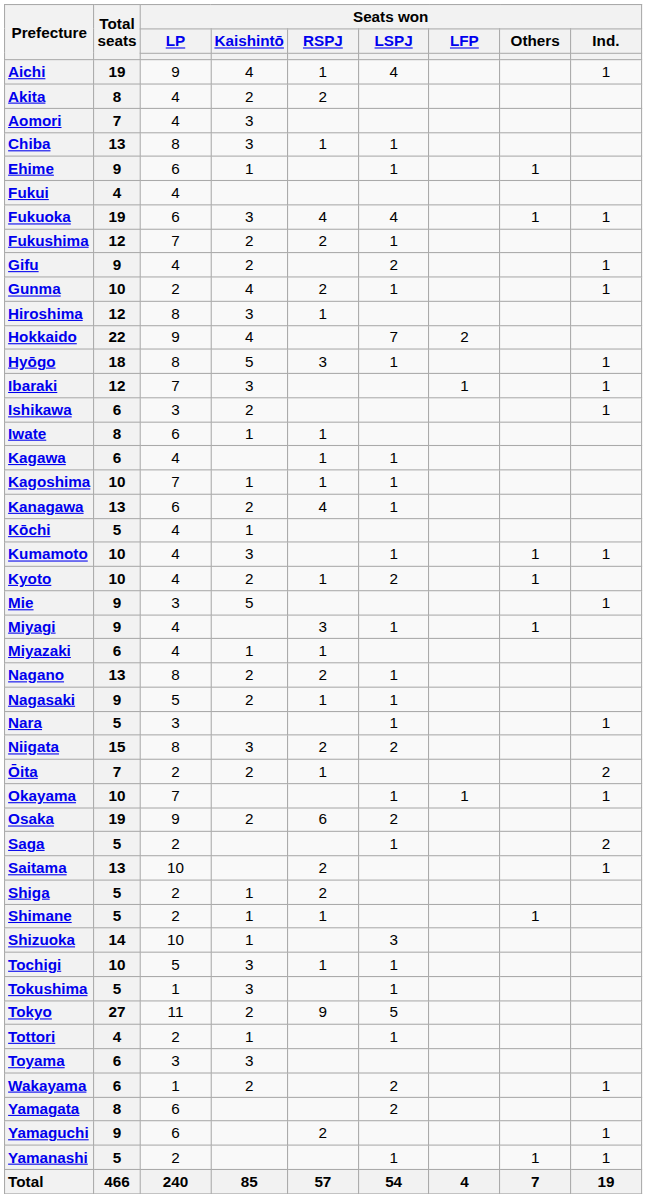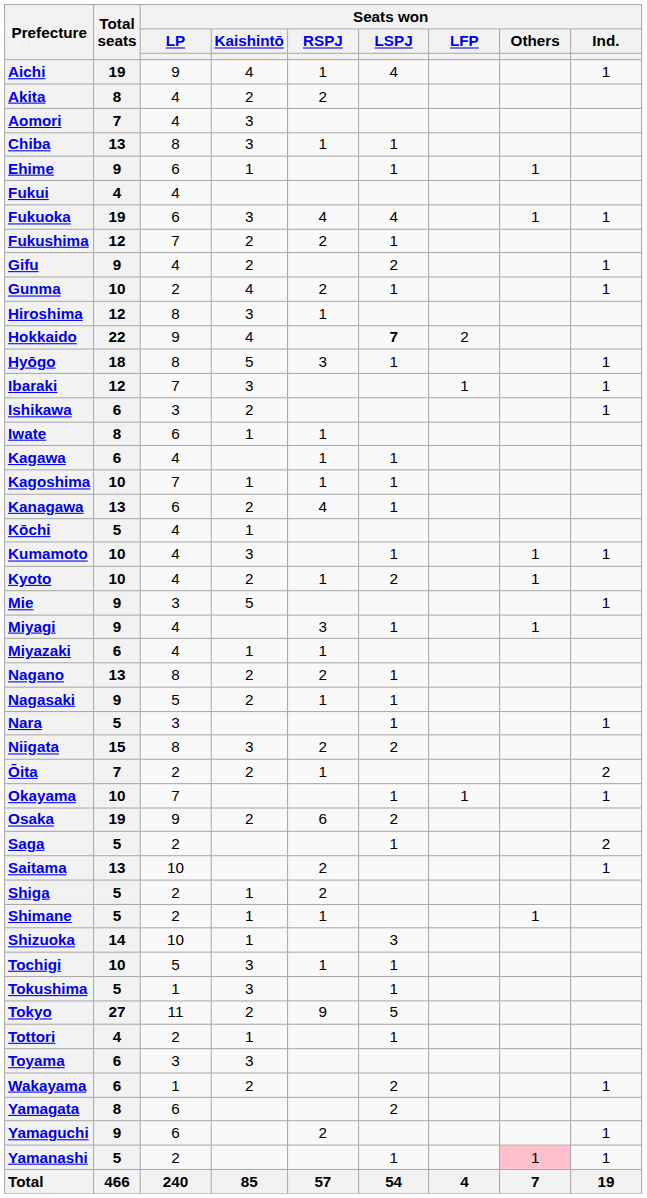 <table class="wikitable" style="text-align:center; font-size: 0.9em;">
 <tr>
 <th rowspan="3">Prefecture</th>
 <th rowspan="3">Total<br>seats</th>
 <th colspan="7">Seats won</th>
 </tr>
 <tr>
 <th class="unsortable" style="width:60px;"><a href='#'>LP</a></th>
 <th class="unsortable" style="width:60px;"><a href='#'>Kaishintō</a></th>
 <th class="unsortable" style="width:60px;"><a href='#'>RSPJ</a></th>
 <th class="unsortable" style="width:60px;"><a href='#'>LSPJ</a></th>
 <th class="unsortable" style="width:60px;"><a href='#'>LFP</a></th>
 <th class="unsortable" style="width:60px;">Others</th>
 <th class="unsortable" style="width:60px;">Ind.</th>
 </tr>
 <tr>
 <th style="background:"></th>
 <th style="background:"></th>
 <th style="background:"></th>
 <th style="background:"></th>
 <th style="background:"></th>
 <th></th>
 <th style="background:"></th>
 </tr>
 <tr>
 <th style="text-align: left;"><a href='#'>Aichi</a></th>
 <th>19</th>
 <td>9</td>
 <td>4</td>
 <td>1</td>
 <td>4</td>
 <td></td>
 <td></td>
 <td>1</td>
 </tr>
 <tr>
 <th style="text-align: left;"><a href='#'>Akita</a></th>
 <th>8</th>
 <td>4</td>
 <td>2</td>
 <td>2</td>
 <td></td>
 <td></td>
 <td></td>
 <td></td>
 </tr>
 <tr>
 <th style="text-align: left;"><a href='#'>Aomori</a></th>
 <th>7</th>
 <td>4</td>
 <td>3</td>
 <td></td>
 <td></td>
 <td></td>
 <td></td>
 <td></td>
 </tr>
 <tr>
 <th style="text-align: left;"><a href='#'>Chiba</a></th>
 <th>13</th>
 <td>8</td>
 <td>3</td>
 <td>1</td>
 <td>1</td>
 <td></td>
 <td></td>
 <td></td>
 </tr>
 <tr>
 <th style="text-align: left;"><a href='#'>Ehime</a></th>
 <th>9</th>
 <td>6</td>
 <td>1</td>
 <td></td>
 <td>1</td>
 <td></td>
 <td>1</td>
 <td></td>
 </tr>
 <tr>
 <th style="text-align: left;"><a href='#'>Fukui</a></th>
 <th>4</th>
 <td>4</td>
 <td></td>
 <td></td>
 <td></td>
 <td></td>
 <td></td>
 <td></td>
 </tr>
 <tr>
 <th style="text-align: left;"><a href='#'>Fukuoka</a></th>
 <th>19</th>
 <td>6</td>
 <td>3</td>
 <td>4</td>
 <td>4</td>
 <td></td>
 <td>1</td>
 <td>1</td>
 </tr>
 <tr>
 <th style="text-align: left;"><a href='#'>Fukushima</a></th>
 <th>12</th>
 <td>7</td>
 <td>2</td>
 <td>2</td>
 <td>1</td>
 <td></td>
 <td></td>
 <td></td>
 </tr>
 <tr>
 <th style="text-align: left;"><a href='#'>Gifu</a></th>
 <th>9</th>
 <td>4</td>
 <td>2</td>
 <td></td>
 <td>2</td>
 <td></td>
 <td></td>
 <td>1</td>
 </tr>
 <tr>
 <th style="text-align: left;"><a href='#'>Gunma</a></th>
 <th>10</th>
 <td>2</td>
 <td>4</td>
 <td>2</td>
 <td>1</td>
 <td></td>
 <td></td>
 <td>1</td>
 </tr>
 <tr>
 <th style="text-align: left;"><a href='#'>Hiroshima</a></th>
 <th>12</th>
 <td>8</td>
 <td>3</td>
 <td>1</td>
 <td></td>
 <td></td>
 <td></td>
 <td></td>
 </tr>
 <tr>
 <th style="text-align: left;"><a href='#'>Hokkaido</a></th>
 <th>22</th>
 <td>9</td>
 <td>4</td>
 <td></td>
-<td>7</td>
+<td><strong>7</strong></td>
 <td>2</td>
 <td></td>
 <td></td>
 </tr>
 <tr>
 <th style="text-align: left;"><a href='#'>Hyōgo</a></th>
 <th>18</th>
 <td>8</td>
 <td>5</td>
 <td>3</td>
 <td>1</td>
 <td></td>
 <td></td>
 <td>1</td>
 </tr>
 <tr>
 <th style="text-align: left;"><a href='#'>Ibaraki</a></th>
 <th>12</th>
 <td>7</td>
 <td>3</td>
 <td></td>
 <td></td>
 <td>1</td>
 <td></td>
 <td>1</td>
 </tr>
 <tr>
 <th style="text-align: left;"><a href='#'>Ishikawa</a></th>
 <th>6</th>
 <td>3</td>
 <td>2</td>
 <td></td>
 <td></td>
 <td></td>
 <td></td>
 <td>1</td>
 </tr>
 <tr>
 <th style="text-align: left;"><a href='#'>Iwate</a></th>
 <th>8</th>
 <td>6</td>
 <td>1</td>
 <td>1</td>
 <td></td>
 <td></td>
 <td></td>
 <td></td>
 </tr>
 <tr>
 <th style="text-align: left;"><a href='#'>Kagawa</a></th>
 <th>6</th>
 <td>4</td>
 <td></td>
 <td>1</td>
 <td>1</td>
 <td></td>
 <td></td>
 <td></td>
 </tr>
 <tr>
 <th style="text-align: left;"><a href='#'>Kagoshima</a></th>
 <th>10</th>
 <td>7</td>
 <td>1</td>
 <td>1</td>
 <td>1</td>
 <td></td>
 <td></td>
 <td></td>
 </tr>
 <tr>
 <th style="text-align: left;"><a href='#'>Kanagawa</a></th>
 <th>13</th>
 <td>6</td>
 <td>2</td>
 <td>4</td>
 <td>1</td>
 <td></td>
 <td></td>
 <td></td>
 </tr>
 <tr>
 <th style="text-align: left;"><a href='#'>Kōchi</a></th>
 <th>5</th>
 <td>4</td>
 <td>1</td>
 <td></td>
 <td></td>
 <td></td>
 <td></td>
 <td></td>
 </tr>
 <tr>
 <th style="text-align: left;"><a href='#'>Kumamoto</a></th>
 <th>10</th>
 <td>4</td>
 <td>3</td>
 <td></td>
 <td>1</td>
 <td></td>
 <td>1</td>
 <td>1</td>
 </tr>
 <tr>
 <th style="text-align: left;"><a href='#'>Kyoto</a></th>
 <th>10</th>
 <td>4</td>
 <td>2</td>
 <td>1</td>
 <td>2</td>
 <td></td>
 <td>1</td>
 <td></td>
 </tr>
 <tr>
 <th style="text-align: left;"><a href='#'>Mie</a></th>
 <th>9</th>
 <td>3</td>
 <td>5</td>
 <td></td>
 <td></td>
 <td></td>
 <td></td>
 <td>1</td>
 </tr>
 <tr>
 <th style="text-align: left;"><a href='#'>Miyagi</a></th>
 <th>9</th>
 <td>4</td>
 <td></td>
 <td>3</td>
 <td>1</td>
 <td></td>
 <td>1</td>
 <td></td>
 </tr>
 <tr>
 <th style="text-align: left;"><a href='#'>Miyazaki</a></th>
 <th>6</th>
 <td>4</td>
 <td>1</td>
 <td>1</td>
 <td></td>
 <td></td>
 <td></td>
 <td></td>
 </tr>
 <tr>
 <th style="text-align: left;"><a href='#'>Nagano</a></th>
 <th>13</th>
 <td>8</td>
 <td>2</td>
 <td>2</td>
 <td>1</td>
 <td></td>
 <td></td>
 <td></td>
 </tr>
 <tr>
 <th style="text-align: left;"><a href='#'>Nagasaki</a></th>
 <th>9</th>
 <td>5</td>
 <td>2</td>
 <td>1</td>
 <td>1</td>
 <td></td>
 <td></td>
 <td></td>
 </tr>
 <tr>
 <th style="text-align: left;"><a href='#'>Nara</a></th>
 <th>5</th>
 <td>3</td>
 <td></td>
 <td></td>
 <td>1</td>
 <td></td>
 <td></td>
 <td>1</td>
 </tr>
 <tr>
 <th style="text-align: left;"><a href='#'>Niigata</a></th>
 <th>15</th>
 <td>8</td>
 <td>3</td>
 <td>2</td>
 <td>2</td>
 <td></td>
 <td></td>
 <td></td>
 </tr>
 <tr>
 <th style="text-align: left;"><a href='#'>Ōita</a></th>
 <th>7</th>
 <td>2</td>
 <td>2</td>
 <td>1</td>
 <td></td>
 <td></td>
 <td></td>
 <td>2</td>
 </tr>
 <tr>
 <th style="text-align: left;"><a href='#'>Okayama</a></th>
 <th>10</th>
 <td>7</td>
 <td></td>
 <td></td>
 <td>1</td>
 <td>1</td>
 <td></td>
 <td>1</td>
 </tr>
 <tr>
 <th style="text-align: left;"><a href='#'>Osaka</a></th>
 <th>19</th>
 <td>9</td>
 <td>2</td>
 <td>6</td>
 <td>2</td>
 <td></td>
 <td></td>
 <td></td>
 </tr>
 <tr>
 <th style="text-align: left;"><a href='#'>Saga</a></th>
 <th>5</th>
 <td>2</td>
 <td></td>
 <td></td>
 <td>1</td>
 <td></td>
 <td></td>
 <td>2</td>
 </tr>
 <tr>
 <th style="text-align: left;"><a href='#'>Saitama</a></th>
 <th>13</th>
 <td>10</td>
 <td></td>
 <td>2</td>
 <td></td>
 <td></td>
 <td></td>
 <td>1</td>
 </tr>
 <tr>
 <th style="text-align: left;"><a href='#'>Shiga</a></th>
 <th>5</th>
 <td>2</td>
 <td>1</td>
 <td>2</td>
 <td></td>
 <td></td>
 <td></td>
 <td></td>
 </tr>
 <tr>
 <th style="text-align: left;"><a href='#'>Shimane</a></th>
 <th>5</th>
 <td>2</td>
 <td>1</td>
 <td>1</td>
 <td></td>
 <td></td>
 <td>1</td>
 <td></td>
 </tr>
 <tr>
 <th style="text-align: left;"><a href='#'>Shizuoka</a></th>
 <th>14</th>
 <td>10</td>
 <td>1</td>
 <td></td>
 <td>3</td>
 <td></td>
 <td></td>
 <td></td>
 </tr>
 <tr>
 <th style="text-align: left;"><a href='#'>Tochigi</a></th>
 <th>10</th>
 <td>5</td>
 <td>3</td>
 <td>1</td>
 <td>1</td>
 <td></td>
 <td></td>
 <td></td>
 </tr>
 <tr>
 <th style="text-align: left;"><a href='#'>Tokushima</a></th>
 <th>5</th>
 <td>1</td>
 <td>3</td>
 <td></td>
 <td>1</td>
 <td></td>
 <td></td>
 <td></td>
 </tr>
 <tr>
 <th style="text-align: left;"><a href='#'>Tokyo</a></th>
 <th>27</th>
 <td>11</td>
 <td>2</td>
 <td>9</td>
 <td>5</td>
 <td></td>
 <td></td>
 <td></td>
 </tr>
 <tr>
 <th style="text-align: left;"><a href='#'>Tottori</a></th>
 <th>4</th>
 <td>2</td>
 <td>1</td>
 <td></td>
 <td>1</td>
 <td></td>
 <td></td>
 <td></td>
 </tr>
 <tr>
 <th style="text-align: left;"><a href='#'>Toyama</a></th>
 <th>6</th>
 <td>3</td>
 <td>3</td>
 <td></td>
 <td></td>
 <td></td>
 <td></td>
 <td></td>
 </tr>
 <tr>
 <th style="text-align: left;"><a href='#'>Wakayama</a></th>
 <th>6</th>
 <td>1</td>
 <td>2</td>
 <td></td>
 <td>2</td>
 <td></td>
 <td></td>
 <td>1</td>
 </tr>
 <tr>
 <th style="text-align: left;"><a href='#'>Yamagata</a></th>
 <th>8</th>
 <td>6</td>
 <td></td>
 <td></td>
 <td>2</td>
 <td></td>
 <td></td>
 <td></td>
 </tr>
 <tr>
 <th style="text-align: left;"><a href='#'>Yamaguchi</a></th>
 <th>9</th>
 <td>6</td>
 <td></td>
 <td>2</td>
 <td></td>
 <td></td>
 <td></td>
 <td>1</td>
 </tr>
 <tr>
 <th style="text-align: left;"><a href='#'>Yamanashi</a></th>
 <th>5</th>
 <td>2</td>
 <td></td>
 <td></td>
 <td>1</td>
 <td></td>
-<td>1</td>
+<td style="background: pink;">1</td>
 <td>1</td>
 </tr>
 <tr class="sortbottom">
 <th style="text-align: left;">Total</th>
 <th>466</th>
 <th>240</th>
 <th>85</th>
 <th>57</th>
 <th>54</th>
 <th>4</th>
 <th>7</th>
 <th>19</th>
 </tr>
 </table>
